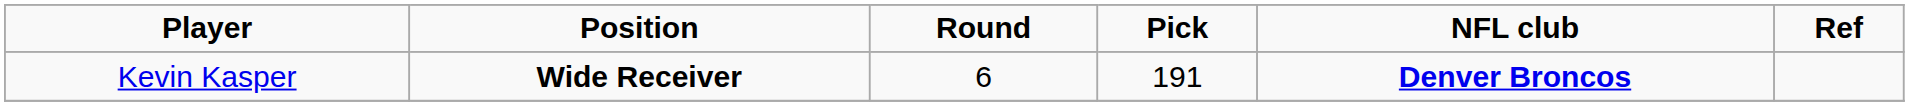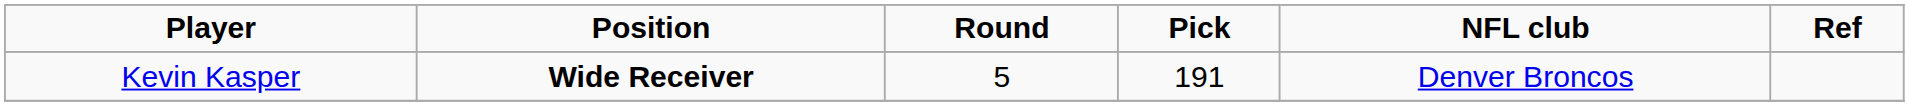 <table class="wikitable" width="80%">
 <tr align="center">
 <td><strong>Player</strong></td>
 <td><strong>Position</strong></td>
 <td><strong>Round</strong></td>
 <td><strong>Pick</strong></td>
 <td><strong>NFL club</strong></td>
 <td><strong>Ref</strong></td>
 </tr>
 <tr align="center" bgcolor="">
 <td><a href='#'>Kevin Kasper</a></td>
 <td><strong>Wide Receiver</strong></td>
-<td>6</td>
+<td>5</td>
 <td>191</td>
-<td><strong><a href='#'>Denver Broncos</a></strong></td>
+<td><a href='#'>Denver Broncos</a></td>
 <td></td>
 </tr>
 <tr align="center" bgcolor="">
 </tr>
 </table>
